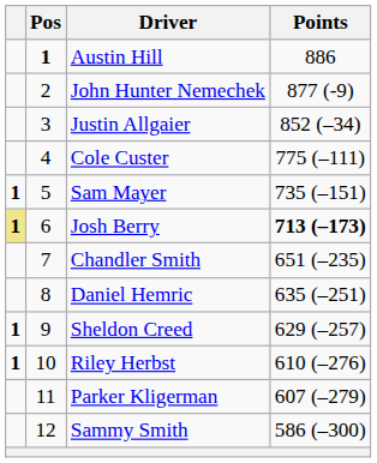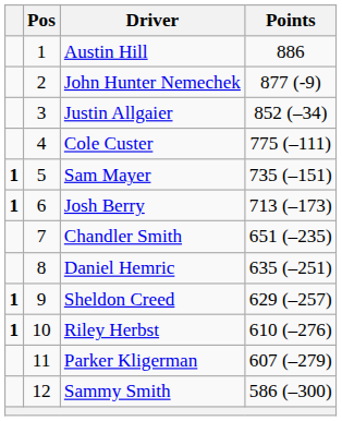 <table class="wikitable" style="font-size: 95%;">
 <tr>
 <th></th>
 <th>Pos</th>
 <th>Driver</th>
 <th>Points</th>
 </tr>
 <tr>
 <td align="left"></td>
-<td style="text-align:center;"><strong>1</strong></td>
+<td style="text-align:center;">1</td>
 <td><a href='#'>Austin Hill</a></td>
 <td style="text-align:center;">886</td>
 </tr>
 <tr>
 <td align="left"></td>
 <td style="text-align:center;">2</td>
 <td><a href='#'>John Hunter Nemechek</a></td>
 <td style="text-align:center;">877 (-9)</td>
 </tr>
 <tr>
 <td align="left"></td>
 <td style="text-align:center;">3</td>
 <td><a href='#'>Justin Allgaier</a></td>
 <td style="text-align:center;">852 (–34)</td>
 </tr>
 <tr>
 <td align="left"></td>
 <td style="text-align:center;">4</td>
 <td><a href='#'>Cole Custer</a></td>
 <td style="text-align:center;">775 (–111)</td>
 </tr>
 <tr>
 <td align="left"> <strong>1</strong></td>
 <td style="text-align:center;">5</td>
 <td><a href='#'>Sam Mayer</a></td>
 <td style="text-align:center;">735 (–151)</td>
 </tr>
 <tr>
-<td align="left" style="background: khaki;"> <strong>1</strong></td>
+<td align="left"> <strong>1</strong></td>
 <td style="text-align:center;">6</td>
 <td><a href='#'>Josh Berry</a></td>
-<td style="text-align:center;"><strong>713 (–173)</strong></td>
+<td style="text-align:center;">713 (–173)</td>
 </tr>
 <tr>
 <td align="left"></td>
 <td style="text-align:center;">7</td>
 <td><a href='#'>Chandler Smith</a></td>
 <td style="text-align:center;">651 (–235)</td>
 </tr>
 <tr>
 <td align="left"></td>
 <td style="text-align:center;">8</td>
 <td><a href='#'>Daniel Hemric</a></td>
 <td style="text-align:center;">635 (–251)</td>
 </tr>
 <tr>
 <td align="left"> <strong>1</strong></td>
 <td style="text-align:center;">9</td>
 <td><a href='#'>Sheldon Creed</a></td>
 <td style="text-align:center;">629 (–257)</td>
 </tr>
 <tr>
 <td align="left"> <strong>1</strong></td>
 <td style="text-align:center;">10</td>
 <td><a href='#'>Riley Herbst</a></td>
 <td style="text-align:center;">610 (–276)</td>
 </tr>
 <tr>
 <td align="left"></td>
 <td style="text-align:center;">11</td>
 <td><a href='#'>Parker Kligerman</a></td>
 <td style="text-align:center;">607 (–279)</td>
 </tr>
 <tr>
 <td align="left"></td>
 <td style="text-align:center;">12</td>
 <td><a href='#'>Sammy Smith</a></td>
 <td style="text-align:center;">586 (–300)</td>
 </tr>
 <tr class="sortbottom">
 <th colspan="9"></th>
 </tr>
 </table>
